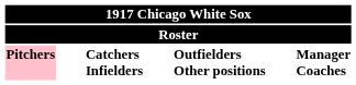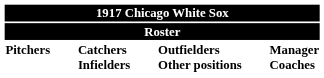 <table class="toccolours" style="font-size: 95%;">
 <tr>
 <th colspan="10" style="background-color: black; color: white; text-align: center;">1917 Chicago White Sox</th>
 </tr>
 <tr>
 <td colspan="10" style="background-color: black; color: white; text-align: center;"><strong>Roster</strong></td>
 </tr>
 <tr>
-<td valign="top" style="background: pink;"><strong>Pitchers</strong><br>       </td>
+<td valign="top"><strong>Pitchers</strong><br>       </td>
 <td width="25px"></td>
 <td valign="top"><strong>Catchers</strong><br>   <strong>Infielders</strong>         </td>
 <td width="25px"></td>
 <td valign="top"><strong>Outfielders</strong><br>     <strong>Other positions</strong> </td>
 <td width="25px"></td>
 <td valign="top"><strong>Manager</strong><br> <strong>Coaches</strong> </td>
 </tr>
 </table>
